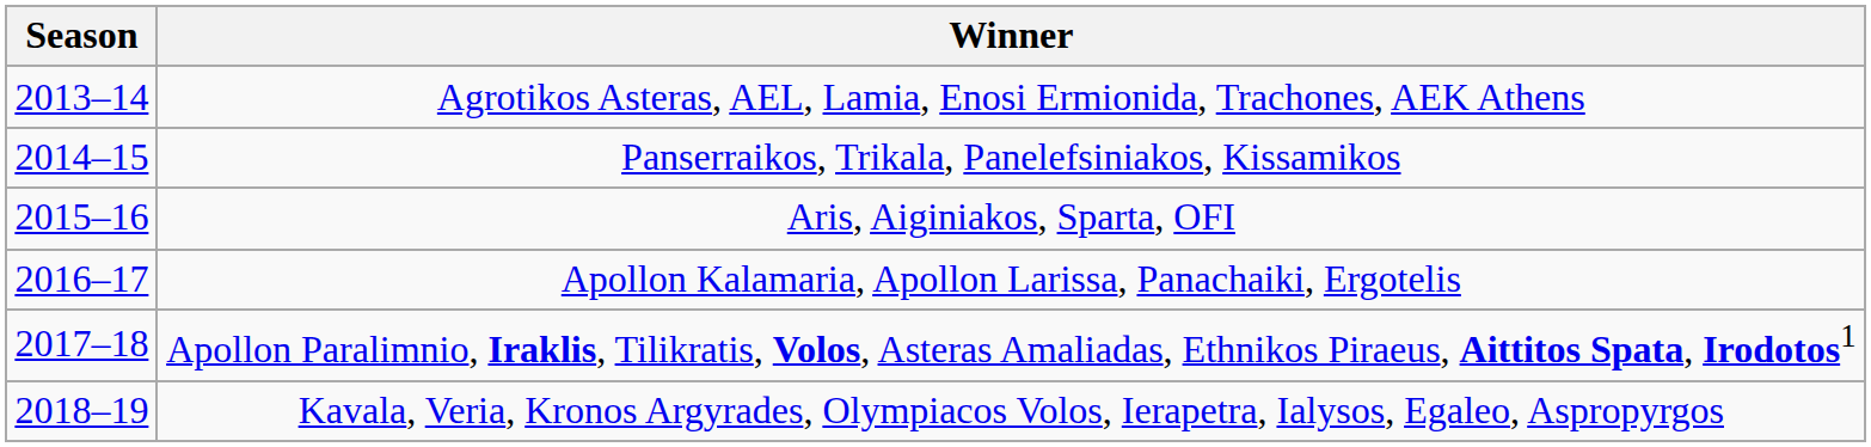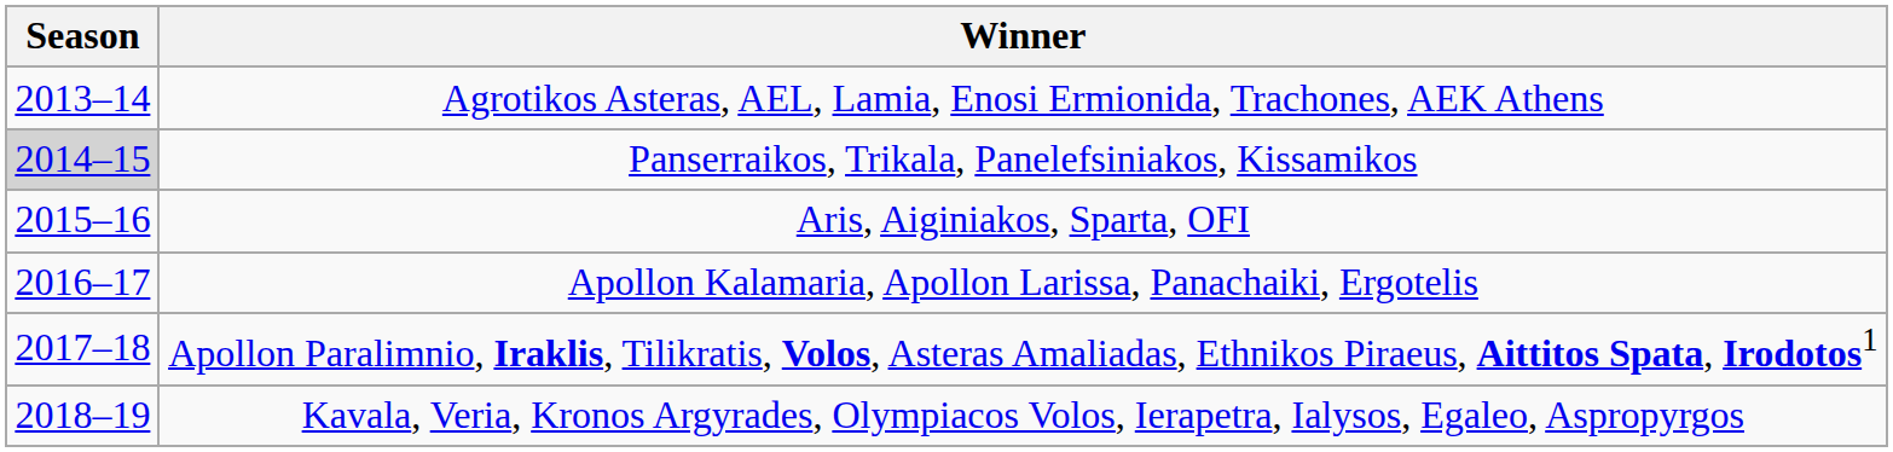 <table class="wikitable" style="text-align:center;">
 <tr>
 <th>Season</th>
 <th>Winner</th>
 </tr>
 <tr>
 <td style="text-align:center;"><a href='#'>2013–14</a></td>
 <td><a href='#'>Agrotikos Asteras</a>, <a href='#'>AEL</a>, <a href='#'>Lamia</a>, <a href='#'>Enosi Ermionida</a>, <a href='#'>Trachones</a>, <a href='#'>AEK Athens</a></td>
 </tr>
 <tr>
-<td style="text-align:center;"><a href='#'>2014–15</a></td>
+<td style="background: lightgrey; text-align:center;"><a href='#'>2014–15</a></td>
 <td><a href='#'>Panserraikos</a>, <a href='#'>Trikala</a>, <a href='#'>Panelefsiniakos</a>, <a href='#'>Kissamikos</a></td>
 </tr>
 <tr>
 <td style="text-align:center;"><a href='#'>2015–16</a></td>
 <td><a href='#'>Aris</a>, <a href='#'>Aiginiakos</a>, <a href='#'>Sparta</a>, <a href='#'>OFI</a></td>
 </tr>
 <tr>
 <td style="text-align:center;"><a href='#'>2016–17</a></td>
 <td><a href='#'>Apollon Kalamaria</a>, <a href='#'>Apollon Larissa</a>, <a href='#'>Panachaiki</a>, <a href='#'>Ergotelis</a></td>
 </tr>
 <tr>
 <td style="text-align:center;"><a href='#'>2017–18</a></td>
 <td><a href='#'>Apollon Paralimnio</a>, <strong><a href='#'>Iraklis</a></strong>, <a href='#'>Tilikratis</a>, <strong><a href='#'>Volos</a></strong>, <a href='#'>Asteras Amaliadas</a>, <a href='#'>Ethnikos Piraeus</a>, <strong><a href='#'>Aittitos Spata</a></strong>, <strong><a href='#'>Irodotos</a></strong><sup>1</sup></td>
 </tr>
 <tr>
 <td style="text-align:center;"><a href='#'>2018–19</a></td>
 <td><a href='#'>Kavala</a>, <a href='#'>Veria</a>, <a href='#'>Kronos Argyrades</a>, <a href='#'>Olympiacos Volos</a>, <a href='#'>Ierapetra</a>, <a href='#'>Ialysos</a>, <a href='#'>Egaleo</a>, <a href='#'>Aspropyrgos</a></td>
 </tr>
 </table>
